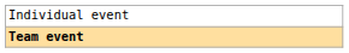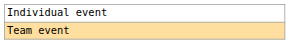 <table class="wikitable" style="font-size:90%; width:25%;">
 <tr style="background:#ffffff;">
 <td>Individual event</td>
 </tr>
 <tr style="background:#ffdf9f;">
-<td><strong> Team event</strong></td>
+<td> Team event</td>
 </tr>
 </table>
